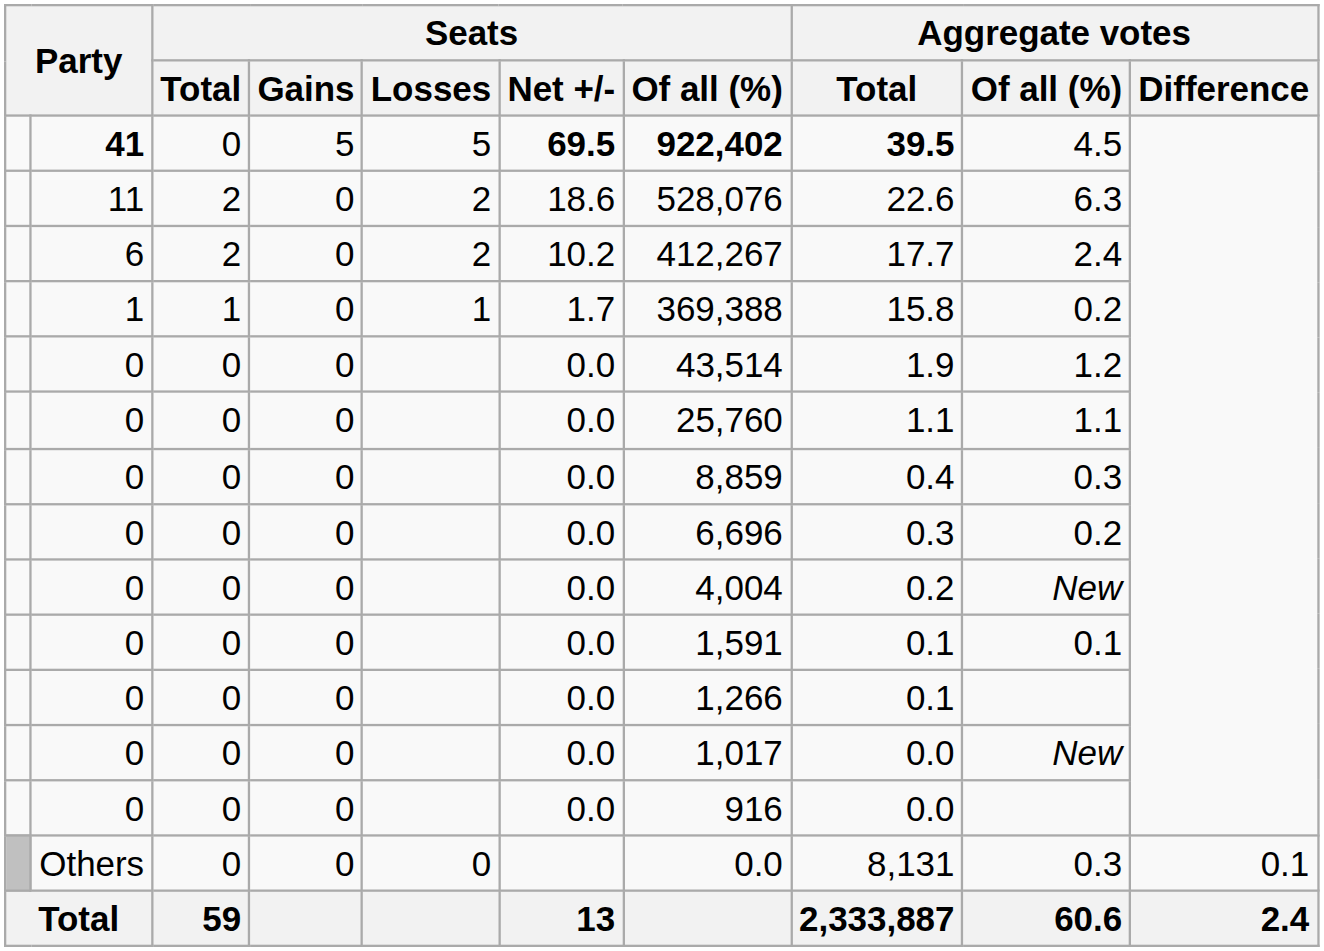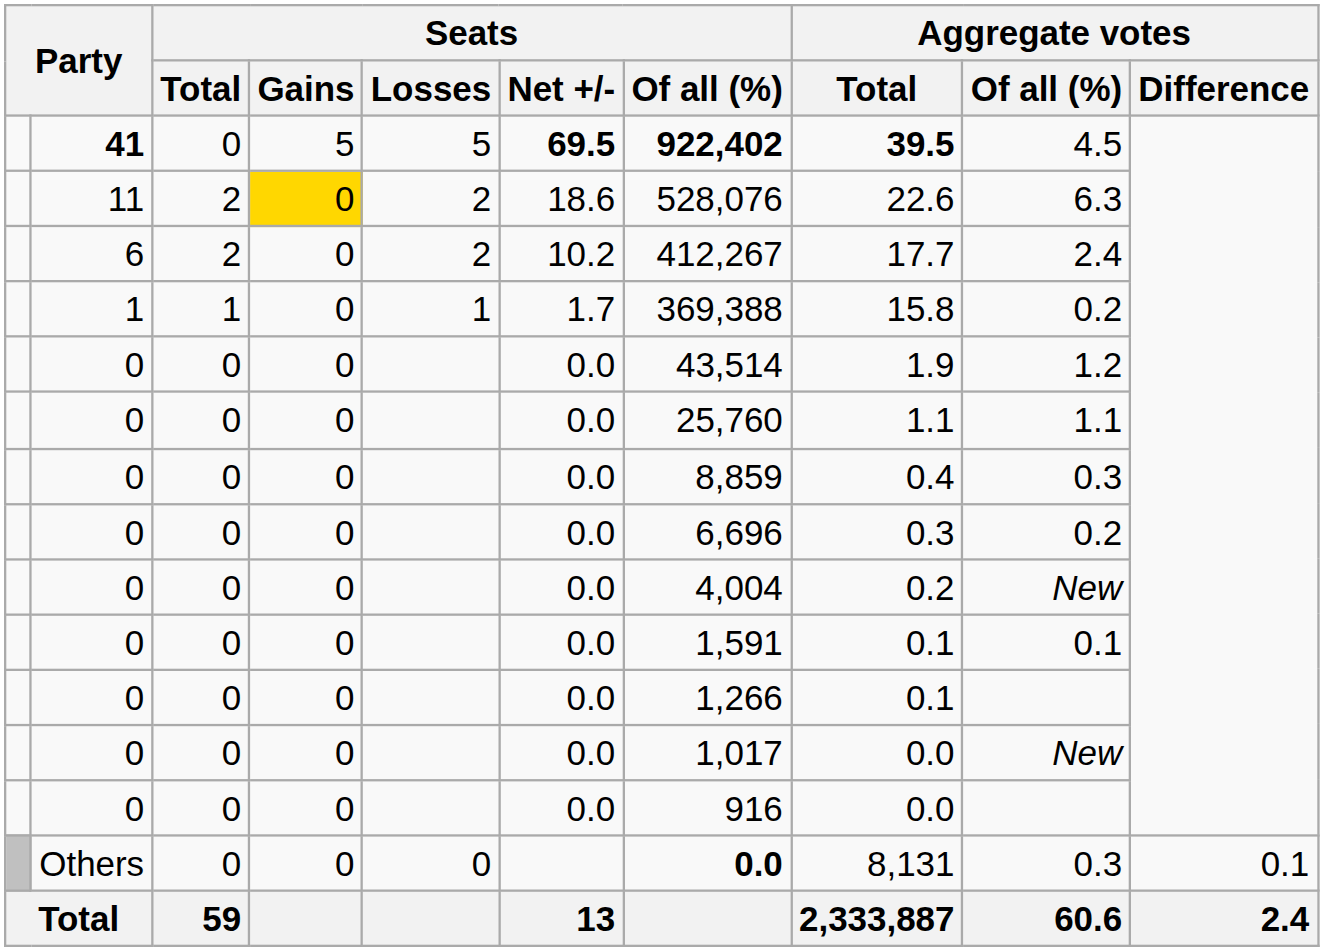 <table class="wikitable sortable" style="text-align:right; font-size:95%;">
 <tr>
 <th colspan="2" rowspan="2">Party</th>
 <th colspan="5">Seats</th>
 <th colspan="3">Aggregate votes</th>
 </tr>
 <tr>
 <th>Total</th>
 <th>Gains</th>
 <th>Losses</th>
 <th>Net +/-</th>
 <th>Of all (%)</th>
 <th>Total</th>
 <th>Of all (%)</th>
 <th>Difference</th>
 </tr>
 <tr>
 <td></td>
 <td><strong>41</strong></td>
 <td>0</td>
 <td>5</td>
 <td>5</td>
 <td><strong>69.5</strong></td>
 <td><strong>922,402</strong></td>
 <td><strong>39.5</strong></td>
 <td>4.5</td>
 </tr>
 <tr>
 <td></td>
 <td>11</td>
 <td>2</td>
-<td>0</td>
+<td style="background: gold;">0</td>
 <td>2</td>
 <td>18.6</td>
 <td>528,076</td>
 <td>22.6</td>
 <td>6.3</td>
 </tr>
 <tr>
 <td></td>
 <td>6</td>
 <td>2</td>
 <td>0</td>
 <td>2</td>
 <td>10.2</td>
 <td>412,267</td>
 <td>17.7</td>
 <td>2.4</td>
 </tr>
 <tr>
 <td></td>
 <td>1</td>
 <td>1</td>
 <td>0</td>
 <td>1</td>
 <td>1.7</td>
 <td>369,388</td>
 <td>15.8</td>
 <td>0.2</td>
 </tr>
 <tr>
 <td></td>
 <td>0</td>
 <td>0</td>
 <td>0</td>
 <td></td>
 <td>0.0</td>
 <td>43,514</td>
 <td>1.9</td>
 <td>1.2</td>
 </tr>
 <tr>
 <td></td>
 <td>0</td>
 <td>0</td>
 <td>0</td>
 <td></td>
 <td>0.0</td>
 <td>25,760</td>
 <td>1.1</td>
 <td>1.1</td>
 </tr>
 <tr>
 <td></td>
 <td>0</td>
 <td>0</td>
 <td>0</td>
 <td></td>
 <td>0.0</td>
 <td>8,859</td>
 <td>0.4</td>
 <td>0.3</td>
 </tr>
 <tr>
 <td></td>
 <td>0</td>
 <td>0</td>
 <td>0</td>
 <td></td>
 <td>0.0</td>
 <td>6,696</td>
 <td>0.3</td>
 <td>0.2</td>
 </tr>
 <tr>
 <td></td>
 <td>0</td>
 <td>0</td>
 <td>0</td>
 <td></td>
 <td>0.0</td>
 <td>4,004</td>
 <td>0.2</td>
 <td><em>New</em></td>
 </tr>
 <tr>
 <td></td>
 <td>0</td>
 <td>0</td>
 <td>0</td>
 <td></td>
 <td>0.0</td>
 <td>1,591</td>
 <td>0.1</td>
 <td>0.1</td>
 </tr>
 <tr>
 <td></td>
 <td>0</td>
 <td>0</td>
 <td>0</td>
 <td></td>
 <td>0.0</td>
 <td>1,266</td>
 <td>0.1</td>
 <td></td>
 </tr>
 <tr>
 <td></td>
 <td>0</td>
 <td>0</td>
 <td>0</td>
 <td></td>
 <td>0.0</td>
 <td>1,017</td>
 <td>0.0</td>
 <td><em>New</em></td>
 </tr>
 <tr>
 <td></td>
 <td>0</td>
 <td>0</td>
 <td>0</td>
 <td></td>
 <td>0.0</td>
 <td>916</td>
 <td>0.0</td>
 <td></td>
 </tr>
 <tr>
 <td style="background:silver;"> </td>
 <td align=left>Others</td>
 <td>0</td>
 <td>0</td>
 <td>0</td>
 <td></td>
-<td>0.0</td>
+<td><strong>0.0</strong></td>
 <td>8,131</td>
 <td>0.3</td>
 <td>0.1</td>
 </tr>
 <tr class="sortbottom">
 <th colspan="2" style="background:#f2f2f2"><strong>Total</strong></th>
 <td style="background:#f2f2f2;"><strong>59</strong></td>
 <td style="background:#f2f2f2;"></td>
 <td style="background:#f2f2f2;"></td>
 <td style="background:#f2f2f2;"><strong>13</strong></td>
 <td style="background:#f2f2f2;"></td>
 <td style="background:#f2f2f2;"><strong>2,333,887</strong></td>
 <td style="background:#f2f2f2;"><strong>60.6</strong></td>
 <td style="background:#f2f2f2;"><strong>2.4</strong></td>
 </tr>
 </table>
